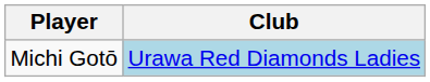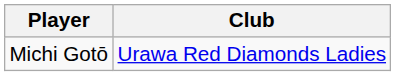 <table class="wikitable">
 <tr>
 <th>Player</th>
 <th>Club</th>
 </tr>
 <tr>
 <td> Michi Gotō</td>
-<td style="background: lightblue;"><a href='#'>Urawa Red Diamonds Ladies</a></td>
+<td><a href='#'>Urawa Red Diamonds Ladies</a></td>
 </tr>
 </table>
